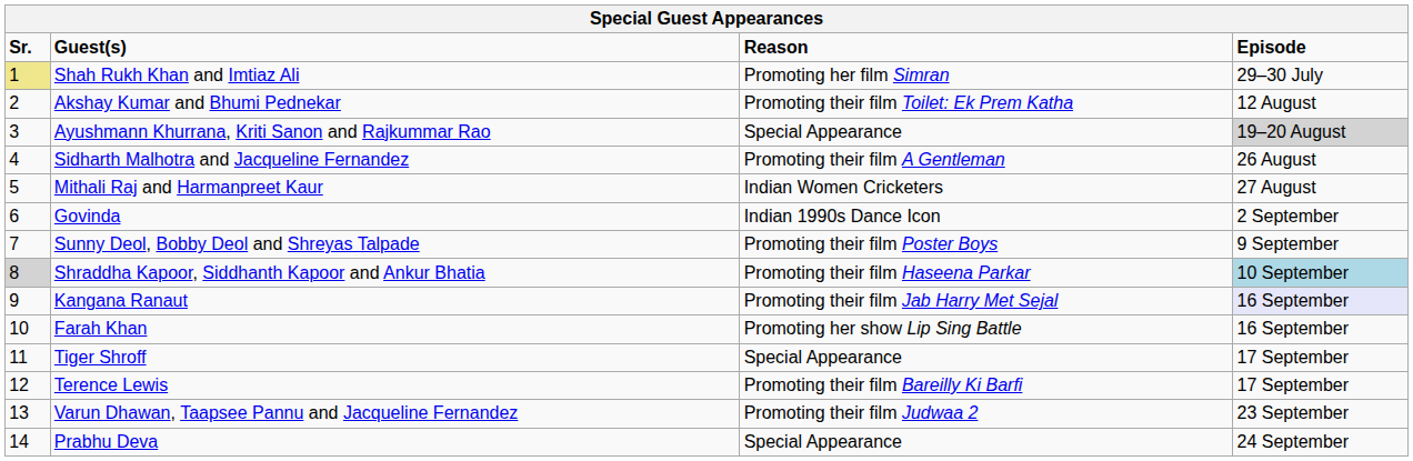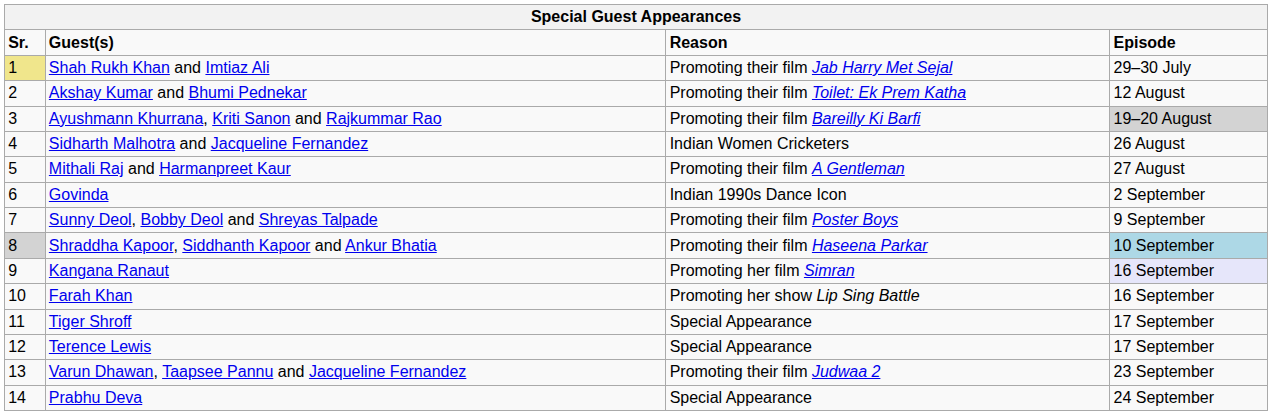 <table class=wikitable style="width: 100%;">
 <tr>
 <th colspan=7>Special Guest Appearances</th>
 </tr>
 <tr>
 <td><strong>Sr.</strong></td>
 <td><strong>Guest(s)</strong></td>
 <td><strong>Reason</strong></td>
 <td><strong>Episode</strong></td>
 </tr>
 <tr>
 <td style="background: khaki;">1</td>
 <td><a href='#'>Shah Rukh Khan</a> and <a href='#'>Imtiaz Ali</a></td>
-<td>Promoting her film <em><a href='#'>Simran</a></em></td>
+<td>Promoting their film <em><a href='#'>Jab Harry Met Sejal</a></em></td>
 <td>29–30 July</td>
 </tr>
 <tr>
 <td>2</td>
 <td><a href='#'>Akshay Kumar</a> and <a href='#'>Bhumi Pednekar</a></td>
 <td>Promoting their film <em><a href='#'>Toilet: Ek Prem Katha</a></em></td>
 <td>12 August</td>
 </tr>
 <tr>
 <td>3</td>
 <td><a href='#'>Ayushmann Khurrana</a>, <a href='#'>Kriti Sanon</a> and <a href='#'>Rajkummar Rao</a></td>
-<td>Special Appearance</td>
+<td>Promoting their film <em><a href='#'>Bareilly Ki Barfi</a></em></td>
 <td style="background: lightgrey;">19–20 August</td>
 </tr>
 <tr>
 <td>4</td>
 <td><a href='#'>Sidharth Malhotra</a> and <a href='#'>Jacqueline Fernandez</a></td>
-<td>Promoting their film <em><a href='#'>A Gentleman</a></em></td>
+<td>Indian Women Cricketers</td>
 <td>26 August</td>
 </tr>
 <tr>
 <td>5</td>
 <td><a href='#'>Mithali Raj</a> and <a href='#'>Harmanpreet Kaur</a></td>
-<td>Indian Women Cricketers</td>
+<td>Promoting their film <em><a href='#'>A Gentleman</a></em></td>
 <td>27 August</td>
 </tr>
 <tr>
 <td>6</td>
 <td><a href='#'>Govinda</a></td>
 <td>Indian 1990s Dance Icon</td>
 <td>2 September</td>
 </tr>
 <tr>
 <td>7</td>
 <td><a href='#'>Sunny Deol</a>, <a href='#'>Bobby Deol</a> and <a href='#'>Shreyas Talpade</a></td>
 <td>Promoting their film <em><a href='#'>Poster Boys</a></em></td>
 <td>9 September</td>
 </tr>
 <tr>
 <td style="background: lightgrey;">8</td>
 <td><a href='#'>Shraddha Kapoor</a>, <a href='#'>Siddhanth Kapoor</a> and <a href='#'>Ankur Bhatia</a></td>
 <td>Promoting their film <em><a href='#'>Haseena Parkar</a></em></td>
 <td style="background: lightblue;">10 September</td>
 </tr>
 <tr>
 <td>9</td>
 <td><a href='#'>Kangana Ranaut</a></td>
-<td>Promoting their film <em><a href='#'>Jab Harry Met Sejal</a></em></td>
+<td>Promoting her film <em><a href='#'>Simran</a></em></td>
 <td style="background: lavender;">16 September</td>
 </tr>
 <tr>
 <td>10</td>
 <td><a href='#'>Farah Khan</a></td>
 <td>Promoting her show <em>Lip Sing Battle</em></td>
 <td>16 September</td>
 </tr>
 <tr>
 <td>11</td>
 <td><a href='#'>Tiger Shroff</a></td>
 <td>Special Appearance</td>
 <td>17 September</td>
 </tr>
 <tr>
 <td>12</td>
 <td><a href='#'>Terence Lewis</a></td>
-<td>Promoting their film <em><a href='#'>Bareilly Ki Barfi</a></em></td>
+<td>Special Appearance</td>
 <td>17 September</td>
 </tr>
 <tr>
 <td>13</td>
 <td><a href='#'>Varun Dhawan</a>, <a href='#'>Taapsee Pannu</a> and <a href='#'>Jacqueline Fernandez</a></td>
 <td>Promoting their film <em><a href='#'>Judwaa 2</a></em></td>
 <td>23 September</td>
 </tr>
 <tr>
 <td>14</td>
 <td><a href='#'>Prabhu Deva</a></td>
 <td>Special Appearance</td>
 <td>24 September</td>
 </tr>
 </table>
